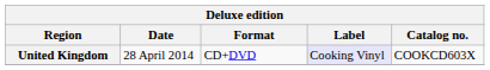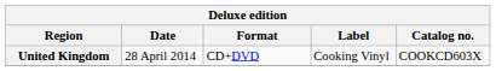 <table class="wikitable plainrowheaders">
 <tr>
 <th colspan="5">Deluxe edition</th>
 </tr>
 <tr>
 <th scope="col" style="width:10em;">Region</th>
 <th scope="col" style="width:7em;">Date</th>
 <th scope="col" style="width:9em;">Format</th>
 <th scope="col" style="width:7em;">Label</th>
 <th scope="col" style="width:7em;">Catalog no.</th>
 </tr>
 <tr>
 <th scope="row">United Kingdom</th>
 <td>28 April 2014</td>
 <td>CD+<a href='#'>DVD</a></td>
-<td style="background: lavender;">Cooking Vinyl</td>
+<td>Cooking Vinyl</td>
 <td>COOKCD603X</td>
 </tr>
 <tr>
 </tr>
 </table>
